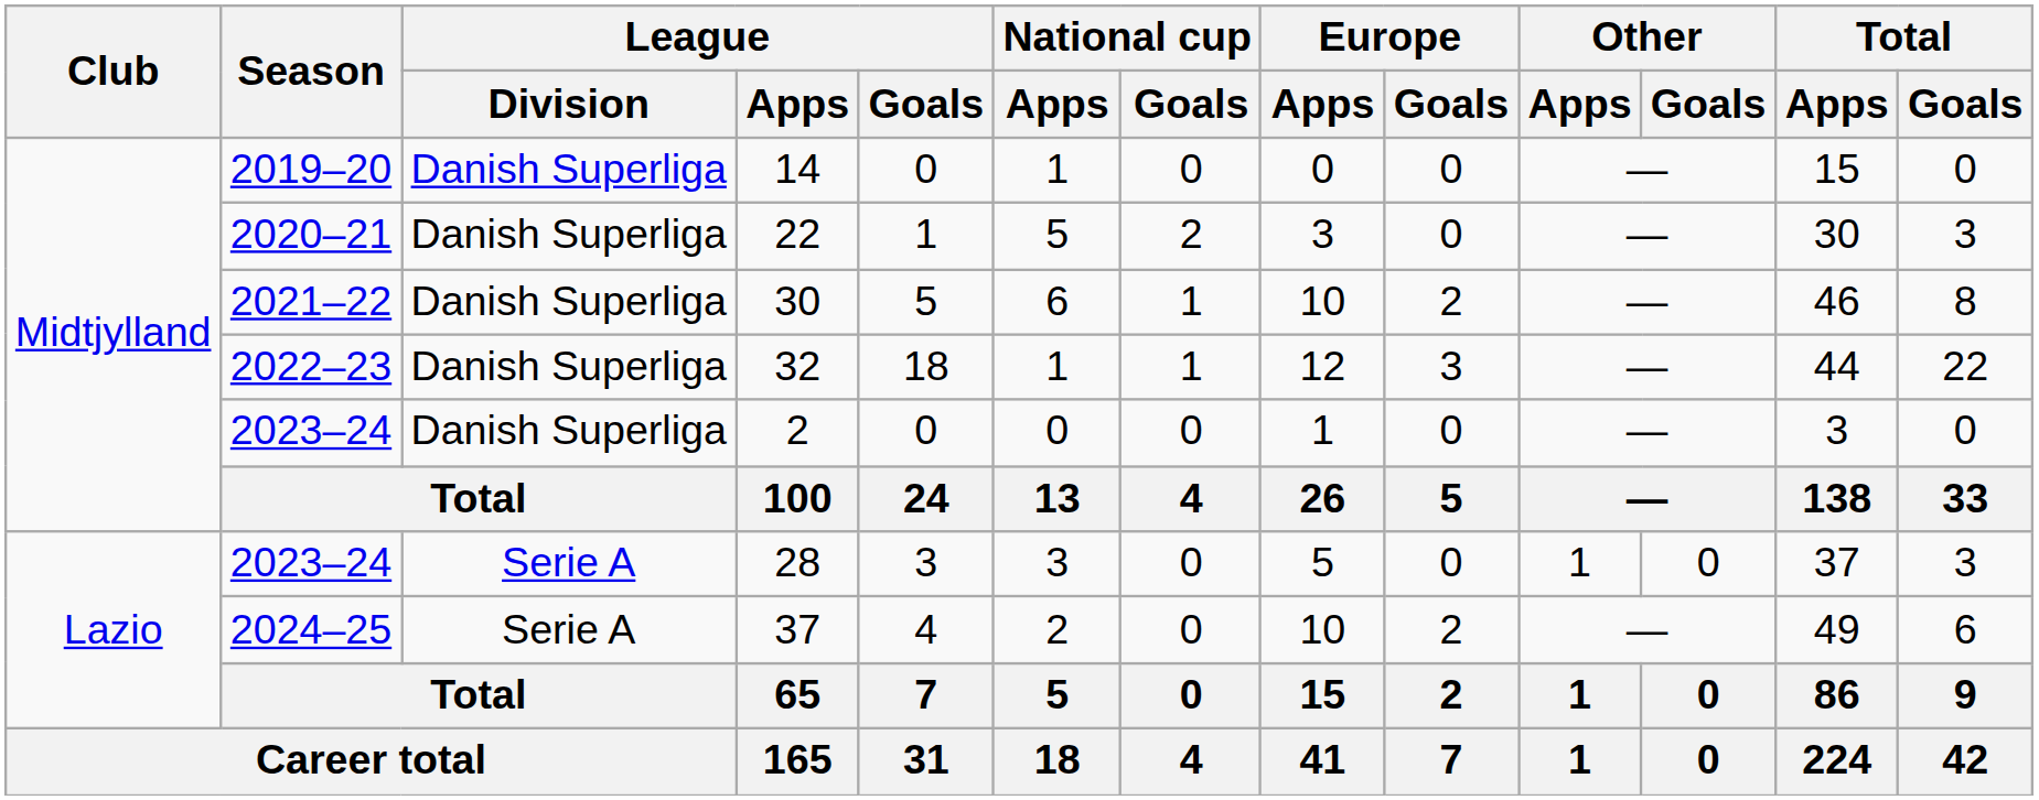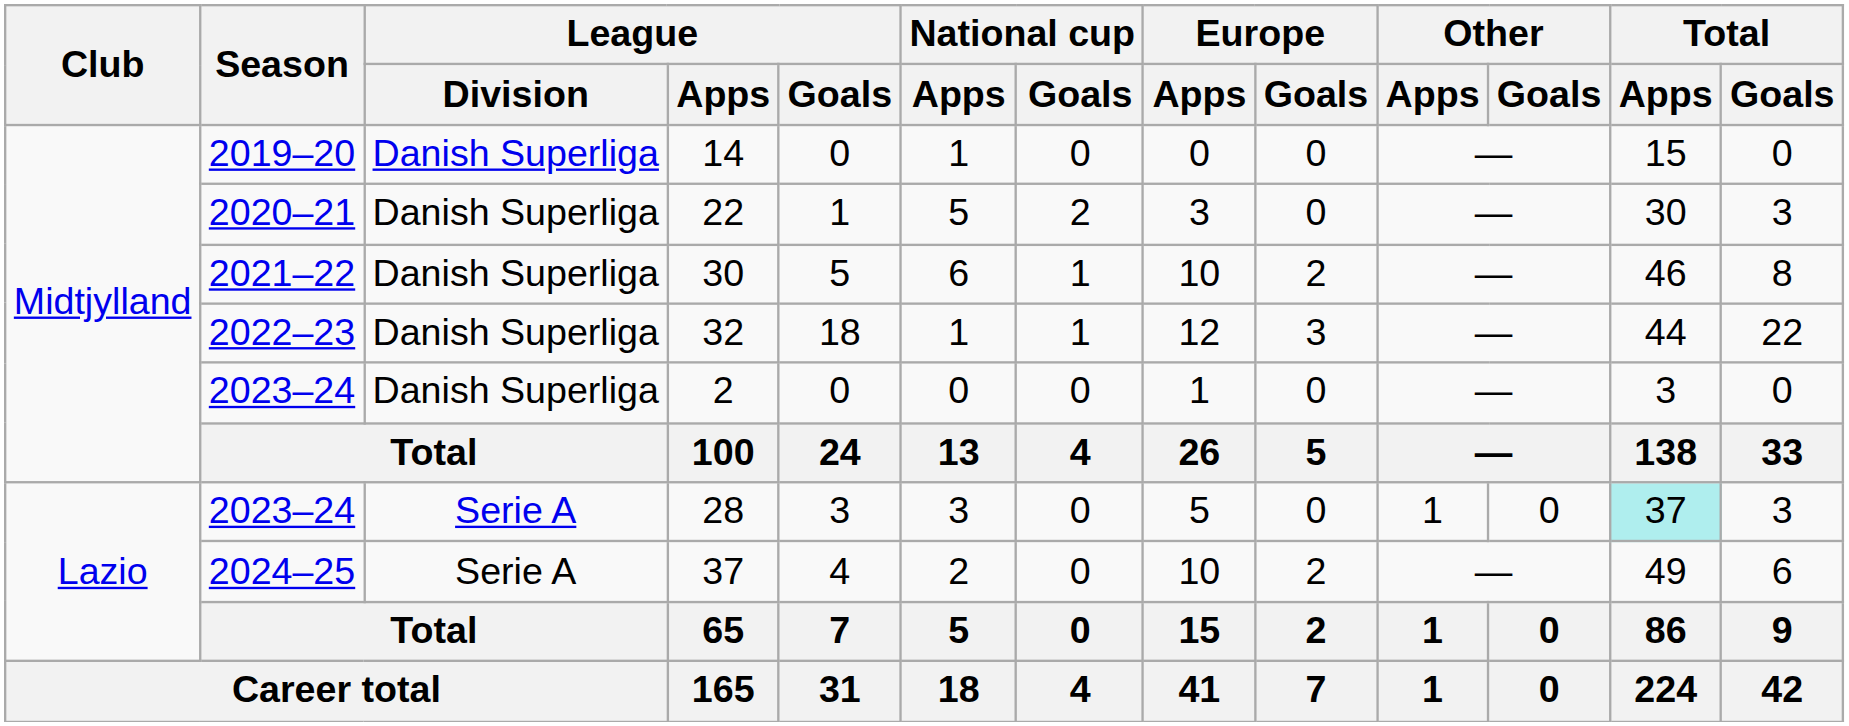 <table class="wikitable" style="text-align:center">
 <tr>
 <th rowspan="2">Club</th>
 <th rowspan="2">Season</th>
 <th colspan="3">League</th>
 <th colspan="2">National cup</th>
 <th colspan="2">Europe</th>
 <th colspan="2">Other</th>
 <th colspan="2">Total</th>
 </tr>
 <tr>
 <th>Division</th>
 <th>Apps</th>
 <th>Goals</th>
 <th>Apps</th>
 <th>Goals</th>
 <th>Apps</th>
 <th>Goals</th>
 <th>Apps</th>
 <th>Goals</th>
 <th>Apps</th>
 <th>Goals</th>
 </tr>
 <tr>
 <td rowspan="6"><a href='#'>Midtjylland</a></td>
 <td><a href='#'>2019–20</a></td>
 <td><a href='#'>Danish Superliga</a></td>
 <td>14</td>
 <td>0</td>
 <td>1</td>
 <td>0</td>
 <td>0</td>
 <td>0</td>
 <td colspan="2">—</td>
 <td>15</td>
 <td>0</td>
 </tr>
 <tr>
 <td><a href='#'>2020–21</a></td>
 <td>Danish Superliga</td>
 <td>22</td>
 <td>1</td>
 <td>5</td>
 <td>2</td>
 <td>3</td>
 <td>0</td>
 <td colspan="2">—</td>
 <td>30</td>
 <td>3</td>
 </tr>
 <tr>
 <td><a href='#'>2021–22</a></td>
 <td>Danish Superliga</td>
 <td>30</td>
 <td>5</td>
 <td>6</td>
 <td>1</td>
 <td>10</td>
 <td>2</td>
 <td colspan="2">—</td>
 <td>46</td>
 <td>8</td>
 </tr>
 <tr>
 <td><a href='#'>2022–23</a></td>
 <td>Danish Superliga</td>
 <td>32</td>
 <td>18</td>
 <td>1</td>
 <td>1</td>
 <td>12</td>
 <td>3</td>
 <td colspan="2">—</td>
 <td>44</td>
 <td>22</td>
 </tr>
 <tr>
 <td><a href='#'>2023–24</a></td>
 <td>Danish Superliga</td>
 <td>2</td>
 <td>0</td>
 <td>0</td>
 <td>0</td>
 <td>1</td>
 <td>0</td>
 <td colspan="2">—</td>
 <td>3</td>
 <td>0</td>
 </tr>
 <tr>
 <th colspan="2">Total</th>
 <th>100</th>
 <th>24</th>
 <th>13</th>
 <th>4</th>
 <th>26</th>
 <th>5</th>
 <th colspan="2">—</th>
 <th>138</th>
 <th>33</th>
 </tr>
 <tr>
 <td rowspan="3"><a href='#'>Lazio</a></td>
 <td><a href='#'>2023–24</a></td>
 <td><a href='#'>Serie A</a></td>
 <td>28</td>
 <td>3</td>
 <td>3</td>
 <td>0</td>
 <td>5</td>
 <td>0</td>
 <td>1</td>
 <td>0</td>
-<td>37</td>
+<td style="background: paleturquoise;">37</td>
 <td>3</td>
 </tr>
 <tr>
 <td><a href='#'>2024–25</a></td>
 <td>Serie A</td>
 <td>37</td>
 <td>4</td>
 <td>2</td>
 <td>0</td>
 <td>10</td>
 <td>2</td>
 <td colspan="2">—</td>
 <td>49</td>
 <td>6</td>
 </tr>
 <tr>
 <th colspan="2">Total</th>
 <th>65</th>
 <th>7</th>
 <th>5</th>
 <th>0</th>
 <th>15</th>
 <th>2</th>
 <th>1</th>
 <th>0</th>
 <th>86</th>
 <th>9</th>
 </tr>
 <tr>
 <th colspan="3">Career total</th>
 <th>165</th>
 <th>31</th>
 <th>18</th>
 <th>4</th>
 <th>41</th>
 <th>7</th>
 <th>1</th>
 <th>0</th>
 <th>224</th>
 <th>42</th>
 </tr>
 </table>
